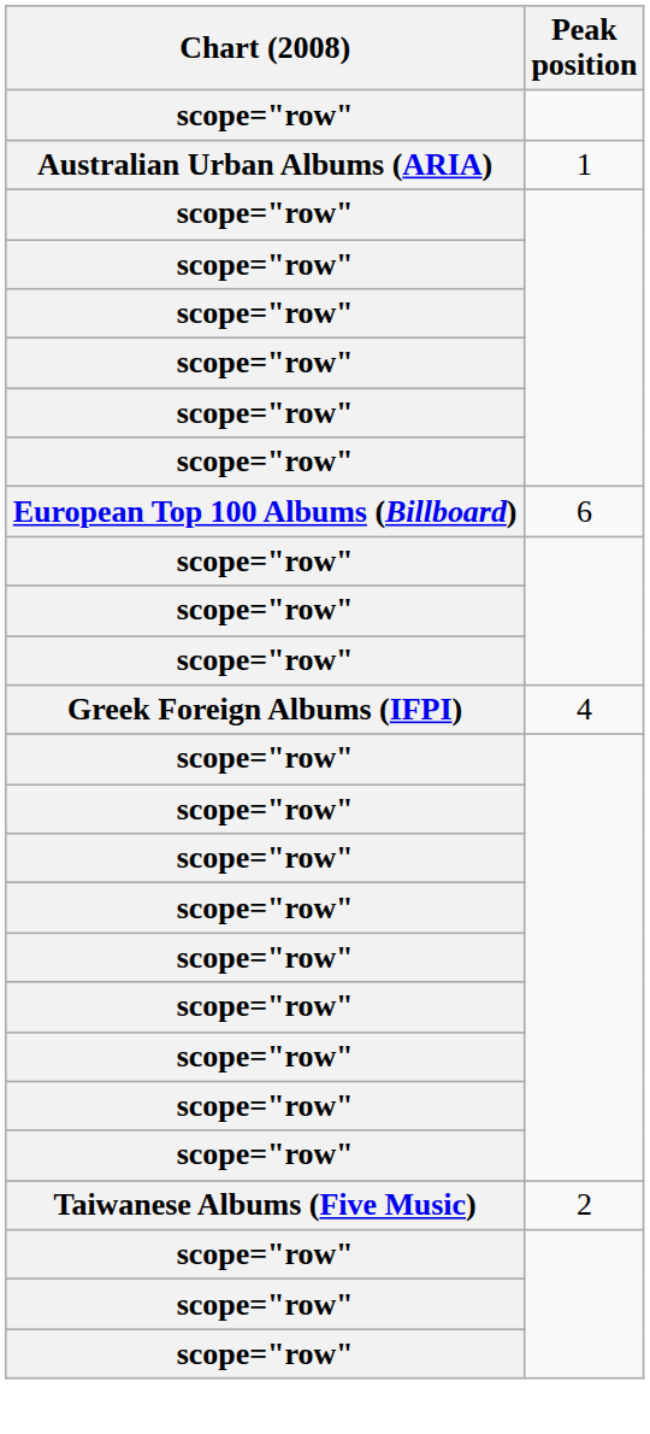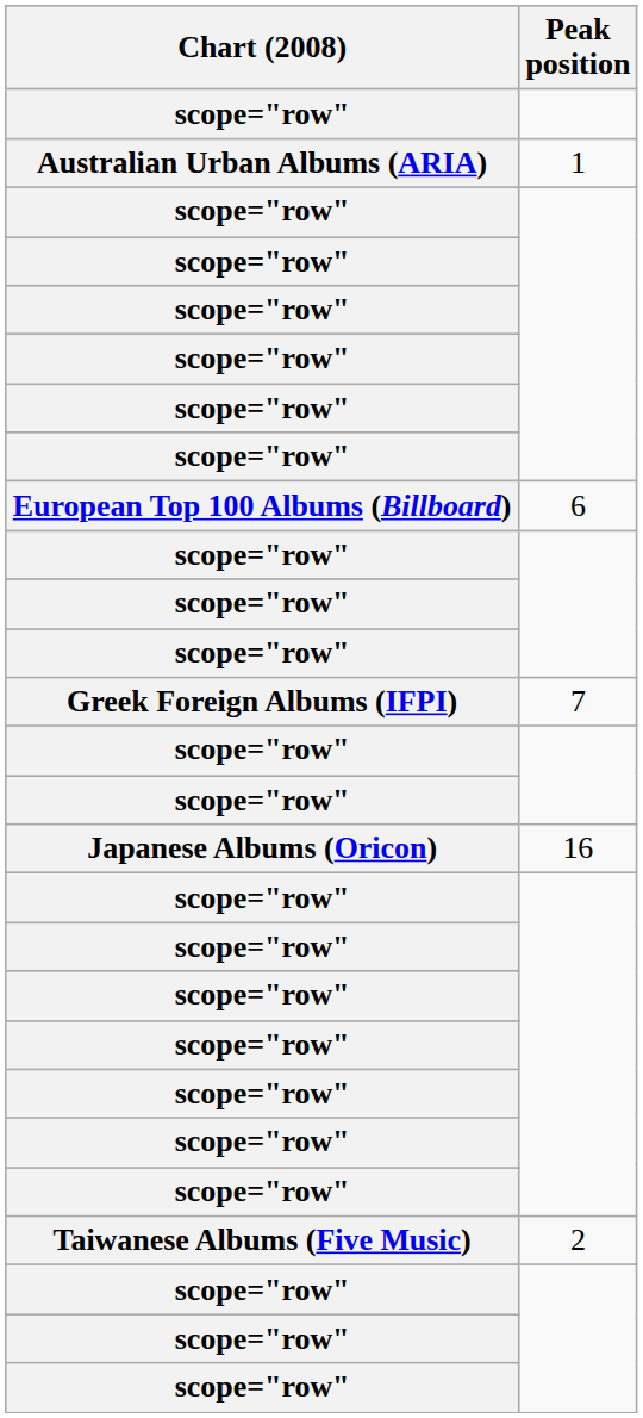 <table class="wikitable sortable plainrowheaders" style="text-align:center">
 <tr>
 <th scope="col">Chart (2008)</th>
 <th scope="col">Peak<br>position</th>
 </tr>
 <tr>
 <th>scope="row"</th>
 </tr>
 <tr>
 <th scope="row">Australian Urban Albums (<a href='#'>ARIA</a>)</th>
 <td>1</td>
 </tr>
 <tr>
 <th>scope="row"</th>
 </tr>
 <tr>
 <th>scope="row"</th>
 </tr>
 <tr>
 <th>scope="row"</th>
 </tr>
 <tr>
 <th>scope="row"</th>
 </tr>
 <tr>
 <th>scope="row"</th>
 </tr>
 <tr>
 <th>scope="row"</th>
 </tr>
 <tr>
 <th scope="row"><a href='#'>European Top 100 Albums</a> (<em><a href='#'>Billboard</a></em>)</th>
 <td>6</td>
 </tr>
 <tr>
 <th>scope="row"</th>
 </tr>
 <tr>
 <th>scope="row"</th>
 </tr>
 <tr>
 <th>scope="row"</th>
 </tr>
 <tr>
 <th scope="row">Greek Foreign Albums (<a href='#'>IFPI</a>)</th>
-<td>4</td>
+<td>7</td>
 </tr>
 <tr>
 <th>scope="row"</th>
 </tr>
 <tr>
 <th>scope="row"</th>
+</tr>
+<tr>
+<th scope="row">Japanese Albums (<a href='#'>Oricon</a>)</th>
+<td>16</td>
 </tr>
 <tr>
 <th>scope="row"</th>
 </tr>
 <tr>
 <th>scope="row"</th>
 </tr>
 <tr>
 <th>scope="row"</th>
 </tr>
 <tr>
 <th>scope="row"</th>
 </tr>
 <tr>
 <th>scope="row"</th>
 </tr>
 <tr>
 <th>scope="row"</th>
 </tr>
 <tr>
 <th>scope="row"</th>
 </tr>
 <tr>
 <th scope="row">Taiwanese Albums (<a href='#'>Five Music</a>)</th>
 <td>2</td>
 </tr>
 <tr>
 <th>scope="row"</th>
 </tr>
 <tr>
 <th>scope="row"</th>
 </tr>
 <tr>
 <th>scope="row"</th>
 </tr>
 </table>
